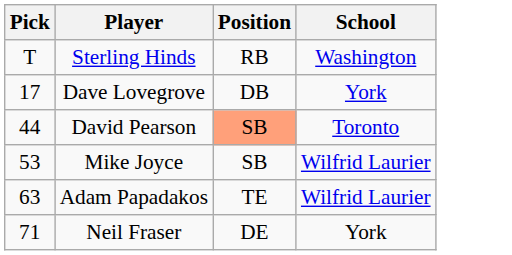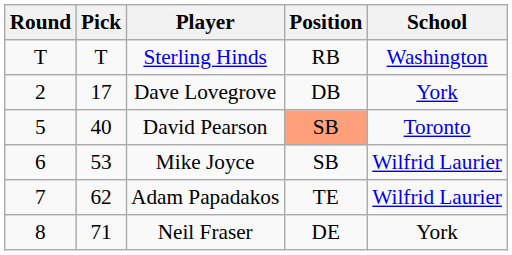 <table class="wikitable" style="font-size: 95%;">
 <tr>
+<th scope="col">Round</th>
 <th scope="col">Pick</th>
 <th scope="col">Player</th>
 <th scope="col">Position</th>
 <th scope="col">School</th>
 </tr>
 <tr align="center">
+<td align=center>T</td>
 <td>T</td>
 <td><a href='#'>Sterling Hinds</a></td>
 <td>RB</td>
 <td><a href='#'>Washington</a></td>
 </tr>
 <tr align="center">
+<td align=center>2</td>
 <td>17</td>
 <td>Dave Lovegrove</td>
 <td>DB</td>
 <td><a href='#'>York</a></td>
 </tr>
 <tr align="center">
-<td>44</td>
+<td align=center>5</td>
+<td>40</td>
 <td>David Pearson</td>
 <td style="background: lightsalmon;">SB</td>
 <td><a href='#'>Toronto</a></td>
 </tr>
 <tr align="center">
+<td align=center>6</td>
 <td>53</td>
 <td>Mike Joyce</td>
 <td>SB</td>
 <td><a href='#'>Wilfrid Laurier</a></td>
 </tr>
 <tr align="center">
-<td>63</td>
+<td align=center>7</td>
+<td>62</td>
 <td>Adam Papadakos</td>
 <td>TE</td>
 <td><a href='#'>Wilfrid Laurier</a></td>
 </tr>
 <tr align="center">
+<td align=center>8</td>
 <td>71</td>
 <td>Neil Fraser</td>
 <td>DE</td>
 <td>York</td>
 </tr>
 </table>
